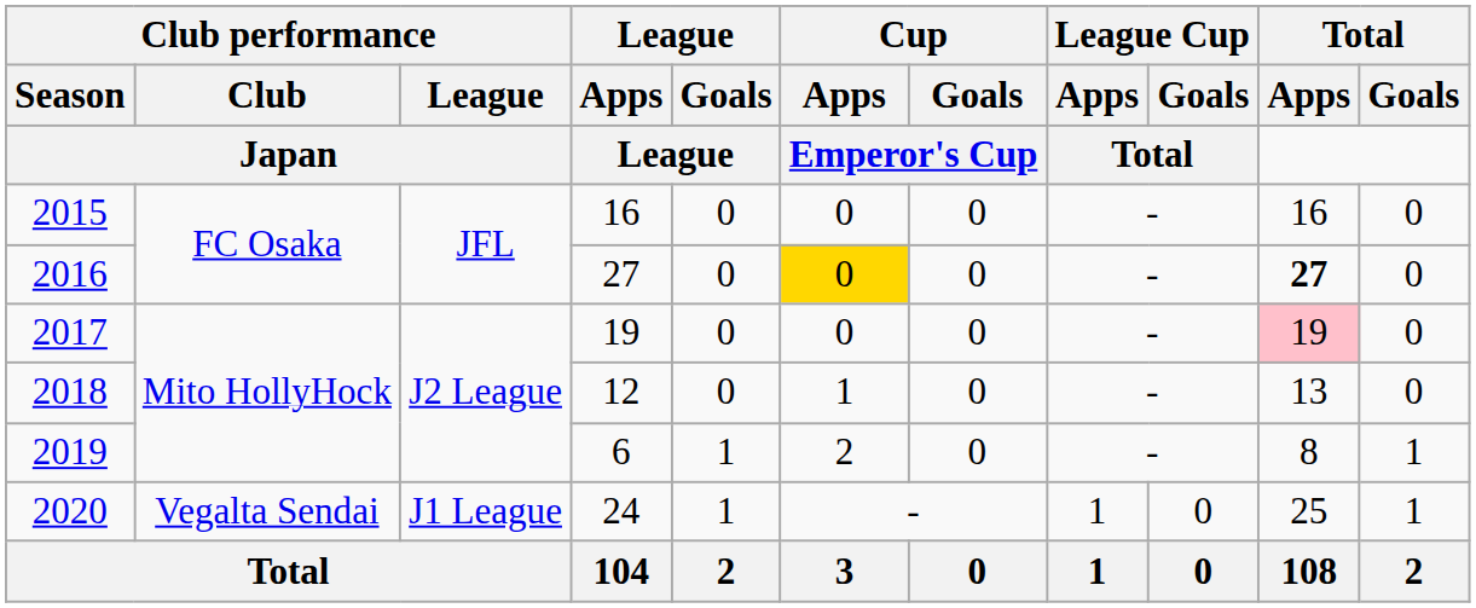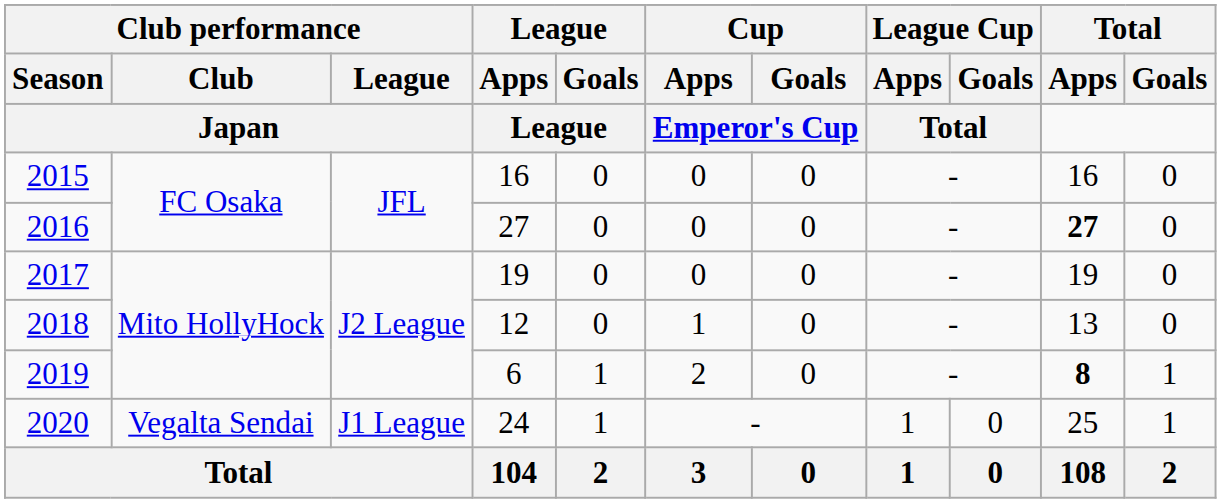 <table class="wikitable" style="text-align:center;">
 <tr>
 <th colspan=3>Club performance</th>
 <th colspan=2>League</th>
 <th colspan=2>Cup</th>
 <th colspan=2>League Cup</th>
 <th colspan=2>Total</th>
 </tr>
 <tr>
 <th>Season</th>
 <th>Club</th>
 <th>League</th>
 <th>Apps</th>
 <th>Goals</th>
 <th>Apps</th>
 <th>Goals</th>
 <th>Apps</th>
 <th>Goals</th>
 <th>Apps</th>
 <th>Goals</th>
 </tr>
 <tr>
 <th colspan=3>Japan</th>
 <th colspan=2>League</th>
 <th colspan=2><a href='#'>Emperor's Cup</a></th>
 <th colspan=2>Total</th>
 </tr>
 <tr>
 <td><a href='#'>2015</a></td>
 <td rowspan="2"><a href='#'>FC Osaka</a></td>
 <td rowspan="2"><a href='#'>JFL</a></td>
 <td>16</td>
 <td>0</td>
 <td>0</td>
 <td>0</td>
 <td colspan="2">-</td>
 <td>16</td>
 <td>0</td>
 </tr>
 <tr>
 <td><a href='#'>2016</a></td>
 <td>27</td>
 <td>0</td>
-<td style="background: gold;">0</td>
+<td>0</td>
 <td>0</td>
 <td colspan="2">-</td>
 <td><strong>27</strong></td>
 <td>0</td>
 </tr>
 <tr>
 <td><a href='#'>2017</a></td>
 <td rowspan="3"><a href='#'>Mito HollyHock</a></td>
 <td rowspan="3"><a href='#'>J2 League</a></td>
 <td>19</td>
 <td>0</td>
 <td>0</td>
 <td>0</td>
 <td colspan="2">-</td>
-<td style="background: pink;">19</td>
+<td>19</td>
 <td>0</td>
 </tr>
 <tr>
 <td><a href='#'>2018</a></td>
 <td>12</td>
 <td>0</td>
 <td>1</td>
 <td>0</td>
 <td colspan="2">-</td>
 <td>13</td>
 <td>0</td>
 </tr>
 <tr>
 <td><a href='#'>2019</a></td>
 <td>6</td>
 <td>1</td>
 <td>2</td>
 <td>0</td>
 <td colspan="2">-</td>
-<td>8</td>
+<td><strong>8</strong></td>
 <td>1</td>
 </tr>
 <tr>
 <td><a href='#'>2020</a></td>
 <td><a href='#'>Vegalta Sendai</a></td>
 <td><a href='#'>J1 League</a></td>
 <td>24</td>
 <td>1</td>
 <td colspan="2">-</td>
 <td>1</td>
 <td>0</td>
 <td>25</td>
 <td>1</td>
 </tr>
 <tr>
 <th colspan=3>Total</th>
 <th>104</th>
 <th>2</th>
 <th>3</th>
 <th>0</th>
 <th>1</th>
 <th>0</th>
 <th>108</th>
 <th>2</th>
 </tr>
 </table>
